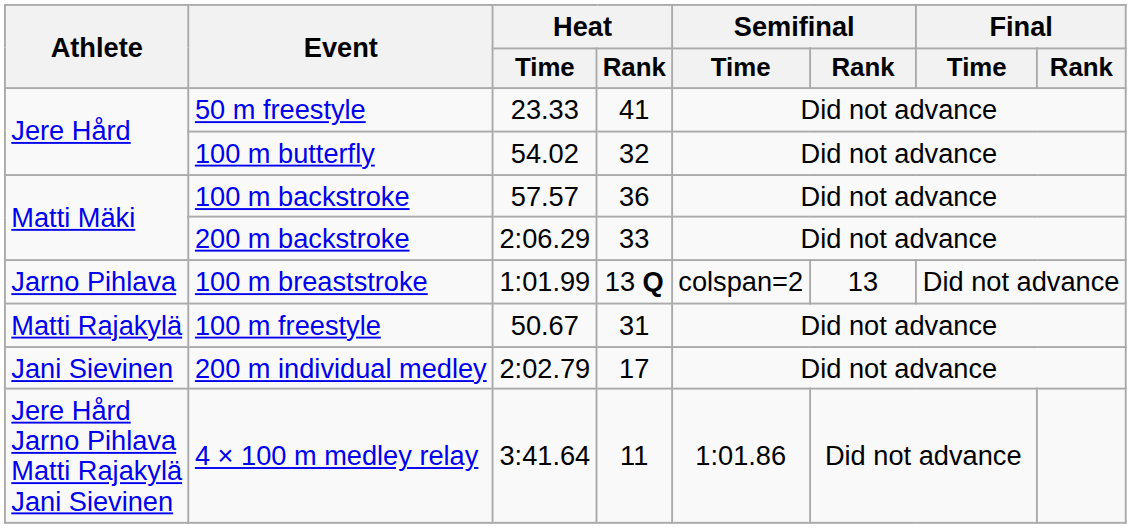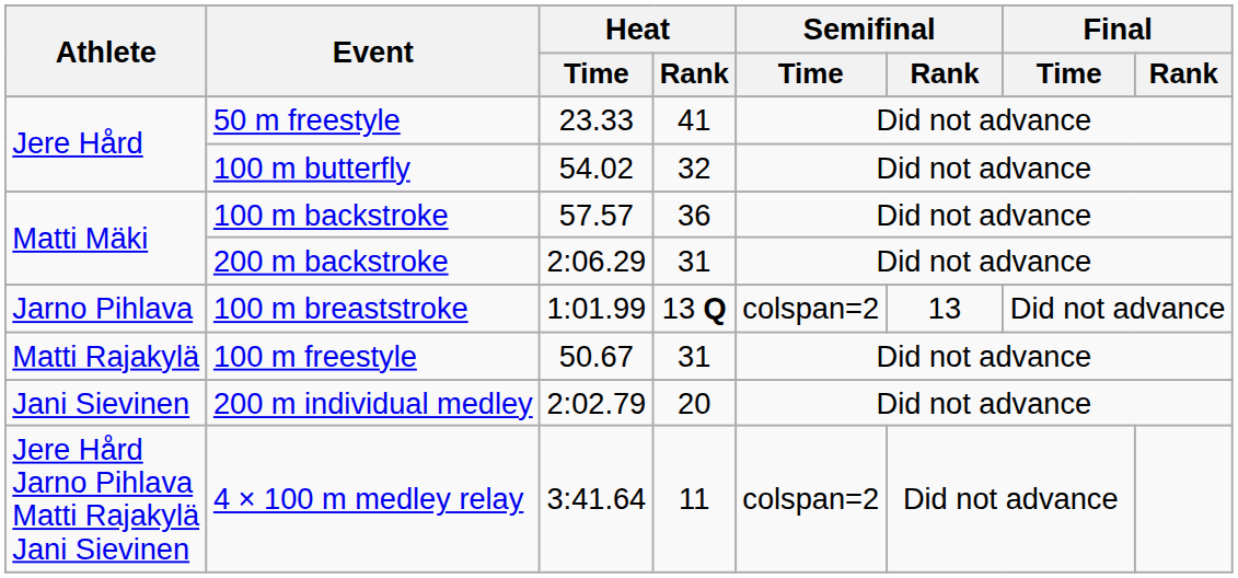 <table class=wikitable style="font-size:90%">
 <tr>
 <th rowspan="2">Athlete</th>
 <th rowspan="2">Event</th>
 <th colspan="2">Heat</th>
 <th colspan="2">Semifinal</th>
 <th colspan="2">Final</th>
 </tr>
 <tr style="font-size:95%">
 <th>Time</th>
 <th>Rank</th>
 <th>Time</th>
 <th>Rank</th>
 <th>Time</th>
 <th>Rank</th>
 </tr>
 <tr align=center>
 <td align=left rowspan=2><a href='#'>Jere Hård</a></td>
 <td align=left><a href='#'>50 m freestyle</a></td>
 <td>23.33</td>
 <td>41</td>
 <td colspan=4>Did not advance</td>
 </tr>
 <tr align=center>
 <td align=left><a href='#'>100 m butterfly</a></td>
 <td>54.02</td>
 <td>32</td>
 <td colspan=4>Did not advance</td>
 </tr>
 <tr align=center>
 <td align=left rowspan=2><a href='#'>Matti Mäki</a></td>
 <td align=left><a href='#'>100 m backstroke</a></td>
 <td>57.57</td>
 <td>36</td>
 <td colspan=4>Did not advance</td>
 </tr>
 <tr align=center>
 <td align=left><a href='#'>200 m backstroke</a></td>
 <td>2:06.29</td>
-<td>33</td>
+<td>31</td>
 <td colspan=4>Did not advance</td>
 </tr>
 <tr align=center>
 <td align=left><a href='#'>Jarno Pihlava</a></td>
 <td align=left><a href='#'>100 m breaststroke</a></td>
 <td>1:01.99</td>
 <td>13 <strong>Q</strong></td>
 <td>colspan=2 </td>
 <td>13</td>
 <td colspan=2>Did not advance</td>
 </tr>
 <tr align=center>
 <td align=left><a href='#'>Matti Rajakylä</a></td>
 <td align=left><a href='#'>100 m freestyle</a></td>
 <td>50.67</td>
 <td>31</td>
 <td colspan=4>Did not advance</td>
 </tr>
 <tr align=center>
 <td align=left><a href='#'>Jani Sievinen</a></td>
 <td align=left><a href='#'>200 m individual medley</a></td>
 <td>2:02.79</td>
-<td>17</td>
+<td>20</td>
 <td colspan=4>Did not advance</td>
 </tr>
 <tr align=center>
 <td align=left><a href='#'>Jere Hård</a><br><a href='#'>Jarno Pihlava</a><br><a href='#'>Matti Rajakylä</a><br><a href='#'>Jani Sievinen</a></td>
 <td align=left><a href='#'>4 × 100 m medley relay</a></td>
 <td>3:41.64</td>
 <td>11</td>
-<td>1:01.86</td>
+<td>colspan=2 </td>
 <td colspan=2>Did not advance</td>
 </tr>
 </table>
